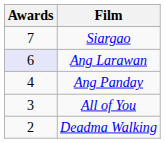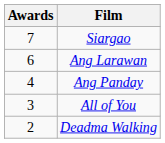 <table class="wikitable" style="text-align:center">
 <tr>
 <th scope="col">Awards</th>
 <th scope="col">Film</th>
 </tr>
 <tr>
 <td>7</td>
 <td><em><a href='#'>Siargao</a></em></td>
 </tr>
 <tr>
-<td style="background: lavender;">6</td>
+<td>6</td>
 <td><em><a href='#'>Ang Larawan</a></em></td>
 </tr>
 <tr>
 <td>4</td>
 <td><em><a href='#'>Ang Panday</a></em></td>
 </tr>
 <tr>
 <td>3</td>
 <td><em><a href='#'>All of You</a></em></td>
 </tr>
 <tr>
 <td>2</td>
 <td><em><a href='#'>Deadma Walking</a></em></td>
 </tr>
 </table>
